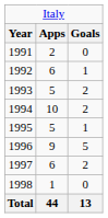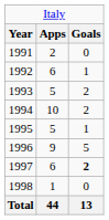 <table class="wikitable" style="text-align:center">
 <tr>
 <td colspan="3"><a href='#'>Italy</a></td>
 </tr>
 <tr>
 <th>Year</th>
 <th>Apps</th>
 <th>Goals</th>
 </tr>
 <tr>
 <td>1991</td>
 <td>2</td>
 <td>0</td>
 </tr>
 <tr>
 <td>1992</td>
 <td>6</td>
 <td>1</td>
 </tr>
 <tr>
 <td>1993</td>
 <td>5</td>
 <td>2</td>
 </tr>
 <tr>
 <td>1994</td>
 <td>10</td>
 <td>2</td>
 </tr>
 <tr>
 <td>1995</td>
 <td>5</td>
 <td>1</td>
 </tr>
 <tr>
 <td>1996</td>
 <td>9</td>
 <td>5</td>
 </tr>
 <tr>
 <td>1997</td>
 <td>6</td>
-<td>2</td>
+<td><strong>2</strong></td>
 </tr>
 <tr>
 <td>1998</td>
 <td>1</td>
 <td>0</td>
 </tr>
 <tr>
 <th>Total</th>
 <th>44</th>
 <th>13</th>
 </tr>
 </table>
